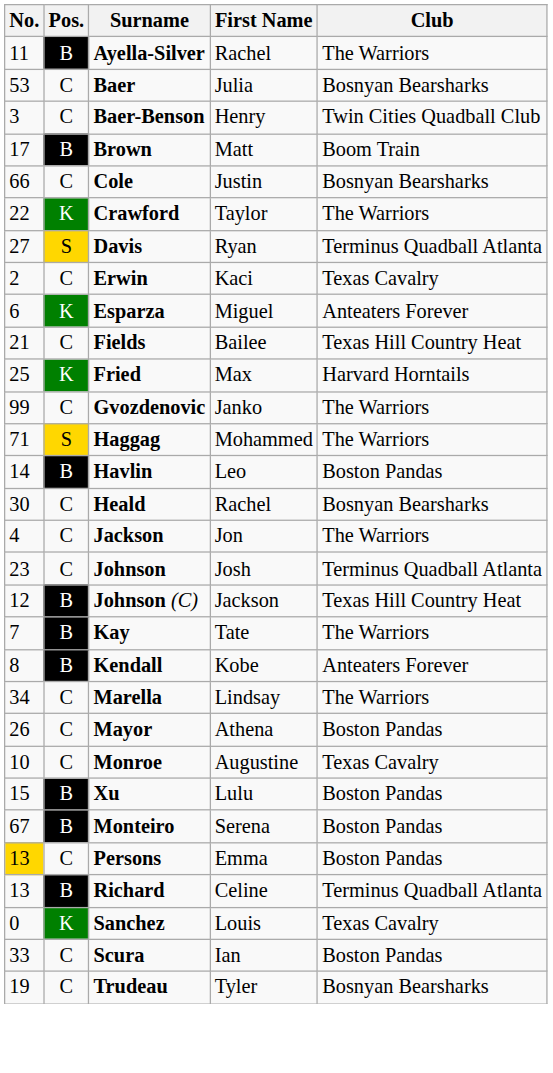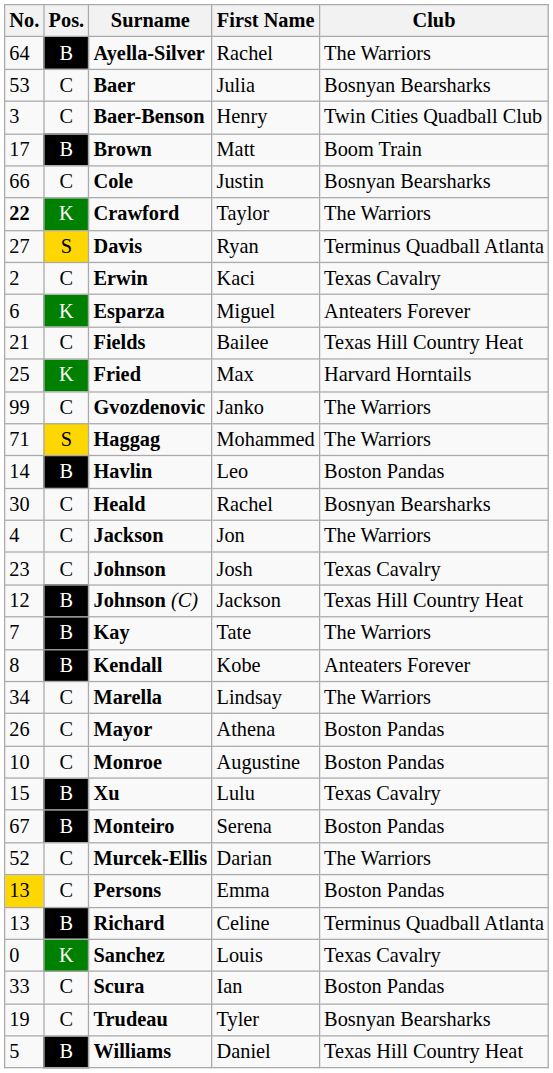 <table class="wikitable sortable">
 <tr>
 <th data-sort-type=number>No.</th>
 <th>Pos.</th>
 <th>Surname</th>
 <th>First Name</th>
 <th>Club</th>
 </tr>
 <tr>
-<td>11</td>
+<td>64</td>
 <td style="text-align:center; background:Black; color:white">B</td>
 <td><strong>Ayella-Silver</strong></td>
 <td>Rachel</td>
 <td>The Warriors</td>
 </tr>
 <tr>
 <td>53</td>
 <td style="text-align:center">C</td>
 <td><strong>Baer</strong></td>
 <td>Julia</td>
 <td>Bosnyan Bearsharks</td>
 </tr>
 <tr>
 <td>3</td>
 <td style="text-align:center">C</td>
 <td><strong>Baer-Benson</strong></td>
 <td>Henry</td>
 <td>Twin Cities Quadball Club</td>
 </tr>
 <tr>
 <td>17</td>
 <td style="text-align:center; background:Black; color:white">B</td>
 <td><strong>Brown</strong></td>
 <td>Matt</td>
 <td>Boom Train</td>
 </tr>
 <tr>
 <td>66</td>
 <td style="text-align:center">C</td>
 <td><strong>Cole</strong></td>
 <td>Justin</td>
 <td>Bosnyan Bearsharks</td>
 </tr>
 <tr>
-<td>22</td>
+<td><strong>22</strong></td>
 <td style="text-align:center; background:Green; color:white">K</td>
 <td><strong>Crawford</strong></td>
 <td>Taylor</td>
 <td>The Warriors</td>
 </tr>
 <tr>
 <td>27</td>
 <td style="text-align:center; background:Gold">S</td>
 <td><strong>Davis</strong></td>
 <td>Ryan</td>
 <td>Terminus Quadball Atlanta</td>
 </tr>
 <tr>
 <td>2</td>
 <td style="text-align:center">C</td>
 <td><strong>Erwin</strong></td>
 <td>Kaci</td>
 <td>Texas Cavalry</td>
 </tr>
 <tr>
 <td>6</td>
 <td style="text-align:center; background:Green; color:white">K</td>
 <td><strong>Esparza</strong></td>
 <td>Miguel</td>
 <td>Anteaters Forever</td>
 </tr>
 <tr>
 <td>21</td>
 <td style="text-align:center">C</td>
 <td><strong>Fields</strong></td>
 <td>Bailee</td>
 <td>Texas Hill Country Heat</td>
 </tr>
 <tr>
 <td>25</td>
 <td style="text-align:center; background:Green; color:white">K</td>
 <td><strong>Fried</strong></td>
 <td>Max</td>
 <td>Harvard Horntails</td>
 </tr>
 <tr>
 <td>99</td>
 <td style="text-align:center">C</td>
 <td><strong>Gvozdenovic</strong></td>
 <td>Janko</td>
 <td>The Warriors</td>
 </tr>
 <tr>
 <td>71</td>
 <td style="text-align:center; background:Gold">S</td>
 <td><strong>Haggag</strong></td>
 <td>Mohammed</td>
 <td>The Warriors</td>
 </tr>
 <tr>
 <td>14</td>
 <td style="text-align:center; background:Black; color:white">B</td>
 <td><strong>Havlin</strong></td>
 <td>Leo</td>
 <td>Boston Pandas</td>
 </tr>
 <tr>
 <td>30</td>
 <td style="text-align:center">C</td>
 <td><strong>Heald</strong></td>
 <td>Rachel</td>
 <td>Bosnyan Bearsharks</td>
 </tr>
 <tr>
 <td>4</td>
 <td style="text-align:center">C</td>
 <td><strong>Jackson</strong></td>
 <td>Jon</td>
 <td>The Warriors</td>
 </tr>
 <tr>
 <td>23</td>
 <td style="text-align:center">C</td>
 <td><strong>Johnson</strong></td>
 <td>Josh</td>
-<td>Terminus Quadball Atlanta</td>
+<td>Texas Cavalry</td>
 </tr>
 <tr>
 <td>12</td>
 <td style="text-align:center; background:Black; color:white">B</td>
 <td><strong>Johnson</strong> <em>(C)</em></td>
 <td>Jackson</td>
 <td>Texas Hill Country Heat</td>
 </tr>
 <tr>
 <td>7</td>
 <td style="text-align:center; background:Black; color:white">B</td>
 <td><strong>Kay</strong></td>
 <td>Tate</td>
 <td>The Warriors</td>
 </tr>
 <tr>
 <td>8</td>
 <td style="text-align:center; background:Black; color:white">B</td>
 <td><strong>Kendall</strong></td>
 <td>Kobe</td>
 <td>Anteaters Forever</td>
 </tr>
 <tr>
 <td>34</td>
 <td style="text-align:center">C</td>
 <td><strong>Marella</strong></td>
 <td>Lindsay</td>
 <td>The Warriors</td>
 </tr>
 <tr>
 <td>26</td>
 <td style="text-align:center">C</td>
 <td><strong>Mayor</strong></td>
 <td>Athena</td>
 <td>Boston Pandas</td>
 </tr>
 <tr>
 <td>10</td>
 <td style="text-align:center">C</td>
 <td><strong>Monroe</strong></td>
 <td>Augustine</td>
-<td>Texas Cavalry</td>
+<td>Boston Pandas</td>
 </tr>
 <tr>
 <td>15</td>
 <td style="text-align:center; background:Black; color:white">B</td>
 <td><strong>Xu</strong></td>
 <td>Lulu</td>
-<td>Boston Pandas</td>
+<td>Texas Cavalry</td>
 </tr>
 <tr>
 <td>67</td>
 <td style="text-align:center; background:Black; color:white">B</td>
 <td><strong>Monteiro</strong></td>
 <td>Serena</td>
 <td>Boston Pandas</td>
+</tr>
+<tr>
+<td>52</td>
+<td style="text-align:center">C</td>
+<td><strong>Murcek-Ellis</strong></td>
+<td>Darian</td>
+<td>The Warriors</td>
 </tr>
 <tr>
 <td style="background: gold;">13</td>
 <td style="text-align:center">C</td>
 <td><strong>Persons</strong></td>
 <td>Emma</td>
 <td>Boston Pandas</td>
 </tr>
 <tr>
 <td>13</td>
 <td style="text-align:center; background:Black; color:white">B</td>
 <td><strong>Richard</strong></td>
 <td>Celine</td>
 <td>Terminus Quadball Atlanta</td>
 </tr>
 <tr>
 <td>0</td>
 <td style="text-align:center; background:Green; color:white">K</td>
 <td><strong>Sanchez</strong></td>
 <td>Louis</td>
 <td>Texas Cavalry</td>
 </tr>
 <tr>
 <td>33</td>
 <td style="text-align:center">C</td>
 <td><strong>Scura </strong></td>
 <td>Ian</td>
 <td>Boston Pandas</td>
 </tr>
 <tr>
 <td>19</td>
 <td style="text-align:center">C</td>
 <td><strong>Trudeau </strong></td>
 <td>Tyler</td>
 <td>Bosnyan Bearsharks</td>
 </tr>
+<tr>
+<td>5</td>
+<td style="text-align:center; background:Black; color:white">B</td>
+<td><strong>Williams </strong></td>
+<td>Daniel</td>
+<td>Texas Hill Country Heat</td>
+</tr>
 </table>
